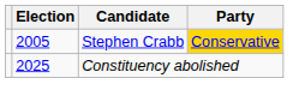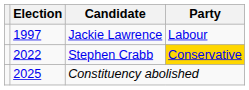 <table class="wikitable">
 <tr>
 <th></th>
 <th>Election</th>
 <th>Candidate</th>
 <th>Party</th>
 </tr>
 <tr>
 <td style="color:inherit;background-color: "></td>
-<td><a href='#'>2005</a></td>
+<td><a href='#'>1997</a></td>
+<td><a href='#'>Jackie Lawrence</a></td>
+<td><a href='#'>Labour</a></td>
+</tr>
+<tr>
+<td style="color:inherit;background-color: "></td>
+<td><a href='#'>2022</a></td>
 <td><a href='#'>Stephen Crabb</a></td>
 <td style="background: gold;"><a href='#'>Conservative</a></td>
 </tr>
 <tr>
 <td></td>
 <td><a href='#'>2025</a></td>
 <td colspan="2"><em>Constituency abolished</em></td>
 </tr>
 </table>
